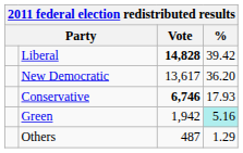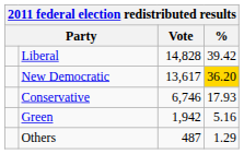 <table class="wikitable">
 <tr>
 <th colspan="4"><a href='#'>2011 federal election</a> redistributed results</th>
 </tr>
 <tr>
 <th bgcolor="#DDDDFF" width="130px" colspan="2">Party</th>
 <th bgcolor="#DDDDFF" width="50px">Vote</th>
 <th bgcolor="#DDDDFF" width="30px">%</th>
 </tr>
 <tr>
 <td> </td>
 <td><a href='#'>Liberal</a></td>
-<td align=right><strong>14,828</strong></td>
+<td align=right>14,828</td>
 <td align=right>39.42</td>
 </tr>
 <tr>
 <td> </td>
 <td><a href='#'>New Democratic</a></td>
 <td align=right>13,617</td>
-<td align=right>36.20</td>
+<td align=right style="background: gold;">36.20</td>
 </tr>
 <tr>
 <td> </td>
 <td><a href='#'>Conservative</a></td>
-<td align=right><strong>6,746</strong></td>
+<td align=right>6,746</td>
 <td align=right>17.93</td>
 </tr>
 <tr>
 <td> </td>
 <td><a href='#'>Green</a></td>
 <td align=right>1,942</td>
-<td align=right style="background: paleturquoise;">5.16</td>
+<td align=right>5.16</td>
 </tr>
 <tr>
 <td> </td>
 <td>Others</td>
 <td align=right>487</td>
 <td align=right>1.29</td>
 </tr>
 </table>
